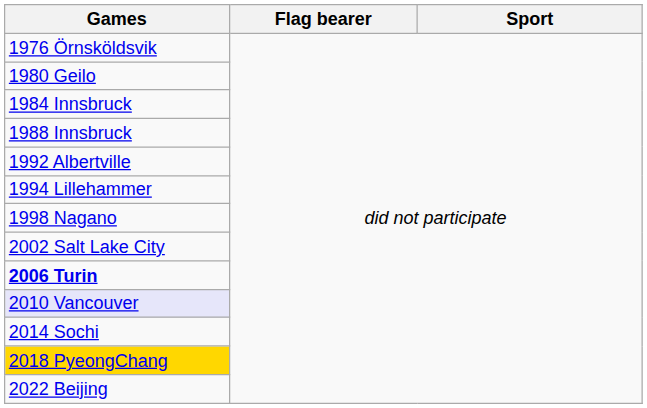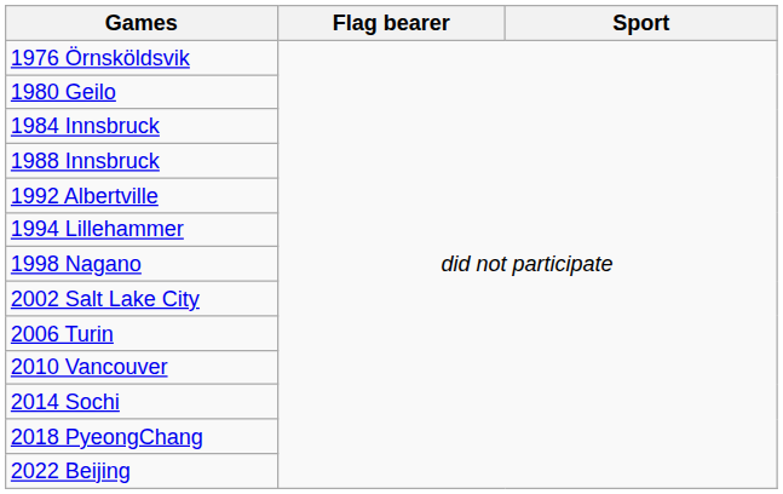 <table class="wikitable" style="text-align:center; font-size:90%;">
 <tr>
 <th style="width:12em">Games</th>
 <th style="width:10em">Flag bearer</th>
 <th style="width:12em">Sport</th>
 </tr>
 <tr>
 <td align=left><a href='#'>1976 Örnsköldsvik</a></td>
 <td colspan=2 rowspan="13"><em>did not participate</em></td>
 </tr>
 <tr>
 <td align=left><a href='#'>1980 Geilo</a></td>
 </tr>
 <tr>
 <td align=left><a href='#'>1984 Innsbruck</a></td>
 </tr>
 <tr>
 <td align=left><a href='#'>1988 Innsbruck</a></td>
 </tr>
 <tr>
 <td align=left><a href='#'>1992 Albertville</a></td>
 </tr>
 <tr>
 <td align=left><a href='#'>1994 Lillehammer</a></td>
 </tr>
 <tr>
 <td align=left><a href='#'>1998 Nagano</a></td>
 </tr>
 <tr>
 <td align=left><a href='#'>2002 Salt Lake City</a></td>
 </tr>
 <tr>
-<td align=left><strong><a href='#'>2006 Turin</a></strong></td>
+<td align=left><a href='#'>2006 Turin</a></td>
 </tr>
 <tr>
-<td align=left style="background: lavender;"><a href='#'>2010 Vancouver</a></td>
+<td align=left><a href='#'>2010 Vancouver</a></td>
 </tr>
 <tr>
 <td align=left><a href='#'>2014 Sochi</a></td>
 </tr>
 <tr>
-<td align=left style="background: gold;"><a href='#'>2018 PyeongChang</a></td>
+<td align=left><a href='#'>2018 PyeongChang</a></td>
 </tr>
 <tr>
 <td align=left><a href='#'>2022 Beijing</a></td>
 </tr>
 </table>
